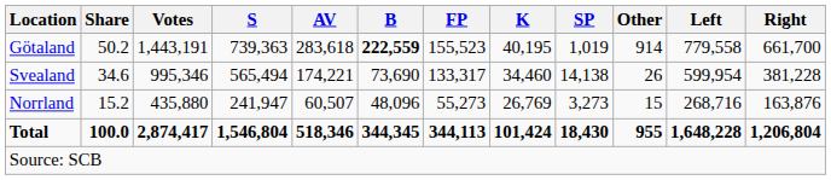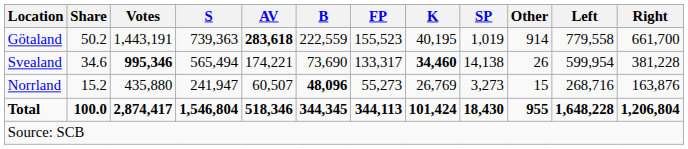 <table class="wikitable sortable" style=text-align:right>
 <tr>
 <th>Location</th>
 <th>Share</th>
 <th>Votes</th>
 <th><a href='#'>S</a></th>
 <th><a href='#'>AV</a></th>
 <th><a href='#'>B</a></th>
 <th><a href='#'>FP</a></th>
 <th><a href='#'>K</a></th>
 <th><a href='#'>SP</a></th>
 <th>Other</th>
 <th>Left</th>
 <th>Right</th>
 </tr>
 <tr>
 <td align=left><a href='#'>Götaland</a></td>
 <td>50.2</td>
 <td>1,443,191</td>
 <td>739,363</td>
-<td>283,618</td>
-<td><strong>222,559</strong></td>
+<td><strong>283,618</strong></td>
+<td>222,559</td>
 <td>155,523</td>
 <td>40,195</td>
 <td>1,019</td>
 <td>914</td>
 <td>779,558</td>
 <td>661,700</td>
 </tr>
 <tr>
 <td align=left><a href='#'>Svealand</a></td>
 <td>34.6</td>
-<td>995,346</td>
+<td><strong>995,346</strong></td>
 <td>565,494</td>
 <td>174,221</td>
 <td>73,690</td>
 <td>133,317</td>
-<td>34,460</td>
+<td><strong>34,460</strong></td>
 <td>14,138</td>
 <td>26</td>
 <td>599,954</td>
 <td>381,228</td>
 </tr>
 <tr>
 <td align=left><a href='#'>Norrland</a></td>
 <td>15.2</td>
 <td>435,880</td>
 <td>241,947</td>
 <td>60,507</td>
-<td>48,096</td>
+<td><strong>48,096</strong></td>
 <td>55,273</td>
 <td>26,769</td>
 <td>3,273</td>
 <td>15</td>
 <td>268,716</td>
 <td>163,876</td>
 </tr>
 <tr>
 <td align=left><strong>Total</strong></td>
 <td><strong>100.0</strong></td>
 <td><strong>2,874,417</strong></td>
 <td><strong>1,546,804</strong></td>
 <td><strong>518,346</strong></td>
 <td><strong>344,345</strong></td>
 <td><strong>344,113</strong></td>
 <td><strong>101,424</strong></td>
 <td><strong>18,430</strong></td>
 <td><strong>955</strong></td>
 <td><strong>1,648,228</strong></td>
 <td><strong>1,206,804</strong></td>
 </tr>
 <tr>
 <td align=left colspan=12>Source: SCB </td>
 </tr>
 </table>
